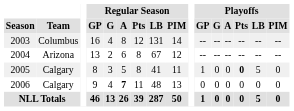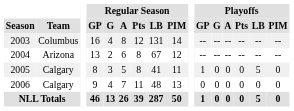 <table BORDER="0" CELLPADDING="3" CELLSPACING="0">
 <tr ALIGN="center" bgcolor="#e0e0e0">
 <th colspan="2" bgcolor="#ffffff"> </th>
 <th rowspan="99" bgcolor="#ffffff"> </th>
 <th colspan="6">Regular Season</th>
 <th rowspan="99" bgcolor="#ffffff"> </th>
 <th colspan="6">Playoffs</th>
 </tr>
 <tr ALIGN="center" bgcolor="#e0e0e0">
 <th>Season</th>
 <th>Team</th>
 <th>GP</th>
 <th>G</th>
 <th>A</th>
 <th>Pts</th>
 <th>LB</th>
 <th>PIM</th>
 <th>GP</th>
 <th>G</th>
 <th>A</th>
 <th>Pts</th>
 <th>LB</th>
 <th>PIM</th>
 </tr>
 <tr ALIGN="center" bgcolor="#f0f0f0">
 <td>2003</td>
 <td>Columbus</td>
 <td>16</td>
 <td>4</td>
 <td>8</td>
 <td>12</td>
 <td>131</td>
 <td>14</td>
 <td>--</td>
 <td>--</td>
 <td>--</td>
 <td>--</td>
 <td>--</td>
 <td>--</td>
 </tr>
 <tr ALIGN="center">
 <td>2004</td>
 <td>Arizona</td>
 <td>13</td>
 <td>2</td>
 <td>6</td>
 <td>8</td>
 <td>67</td>
 <td>12</td>
 <td>--</td>
 <td>--</td>
 <td>--</td>
 <td>--</td>
 <td>--</td>
 <td>--</td>
 </tr>
 <tr ALIGN="center" bgcolor="#f0f0f0">
 <td>2005</td>
 <td>Calgary</td>
 <td>8</td>
 <td>3</td>
 <td>5</td>
 <td>8</td>
 <td>41</td>
 <td>11</td>
 <td>1</td>
 <td>0</td>
 <td>0</td>
-<td><strong>0</strong></td>
+<td>0</td>
 <td>5</td>
 <td>0</td>
 </tr>
 <tr ALIGN="center">
 <td>2006</td>
 <td>Calgary</td>
 <td>9</td>
 <td>4</td>
-<td><strong>7</strong></td>
+<td>7</td>
 <td>11</td>
 <td>48</td>
 <td>13</td>
 <td>0</td>
 <td>0</td>
 <td>0</td>
 <td>0</td>
 <td>0</td>
 <td>0</td>
 </tr>
 <tr ALIGN="center" bgcolor="#e0e0e0">
 <th colspan="2">NLL Totals</th>
 <th>46</th>
 <th>13</th>
 <th>26</th>
 <th>39</th>
 <th>287</th>
 <th>50</th>
 <th>1</th>
 <th>0</th>
 <th>0</th>
 <th>0</th>
 <th>5</th>
 <th>0</th>
 </tr>
 </table>
